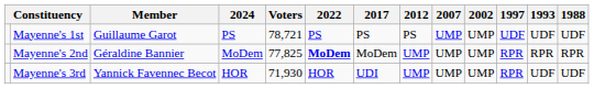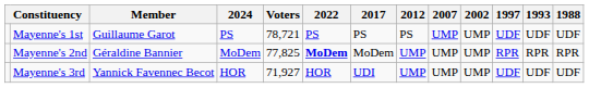 <table class="wikitable sortable">
 <tr>
 <th colspan="2">Constituency</th>
 <th>Member</th>
 <th>2024</th>
 <th>Voters</th>
 <th>2022</th>
 <th>2017</th>
 <th>2012</th>
 <th>2007</th>
 <th>2002</th>
 <th>1997</th>
 <th>1993</th>
 <th>1988</th>
 </tr>
 <tr>
 <td style="background-color: "></td>
 <td><a href='#'>Mayenne's 1st</a></td>
 <td><a href='#'>Guillaume Garot</a></td>
 <td><a href='#'>PS</a></td>
 <td>78,721</td>
 <td><a href='#'>PS</a></td>
 <td>PS</td>
 <td>PS</td>
 <td><a href='#'>UMP</a></td>
 <td>UMP</td>
 <td><a href='#'>UDF</a></td>
 <td>UDF</td>
 <td>UDF</td>
 </tr>
 <tr>
 <td style="background-color: "></td>
 <td><a href='#'>Mayenne's 2nd</a></td>
 <td><a href='#'>Géraldine Bannier</a></td>
 <td><a href='#'>MoDem</a></td>
 <td>77,825</td>
 <td><strong><a href='#'>MoDem</a></strong></td>
 <td>MoDem</td>
 <td><a href='#'>UMP</a></td>
 <td>UMP</td>
 <td>UMP</td>
 <td><a href='#'>RPR</a></td>
 <td>RPR</td>
 <td>RPR</td>
 </tr>
 <tr>
 <td style="background-color: "></td>
 <td><a href='#'>Mayenne's 3rd</a></td>
 <td><a href='#'>Yannick Favennec Becot</a></td>
 <td><a href='#'>HOR</a></td>
-<td>71,930</td>
+<td>71,927</td>
 <td><a href='#'>HOR</a></td>
 <td><a href='#'>UDI</a></td>
 <td><a href='#'>UMP</a></td>
 <td>UMP</td>
 <td>UMP</td>
-<td><a href='#'>RPR</a></td>
+<td><a href='#'>UDF</a></td>
 <td>UDF</td>
 <td>UDF</td>
 </tr>
 </table>
